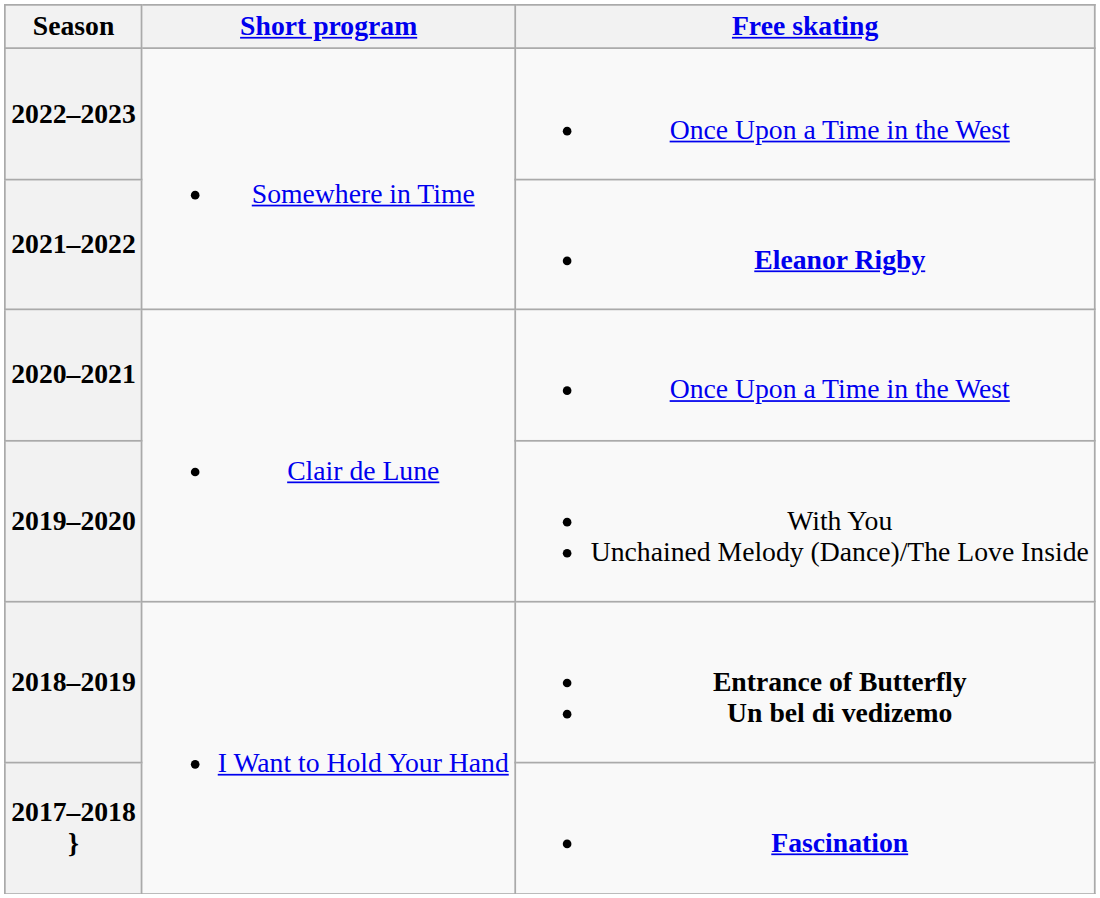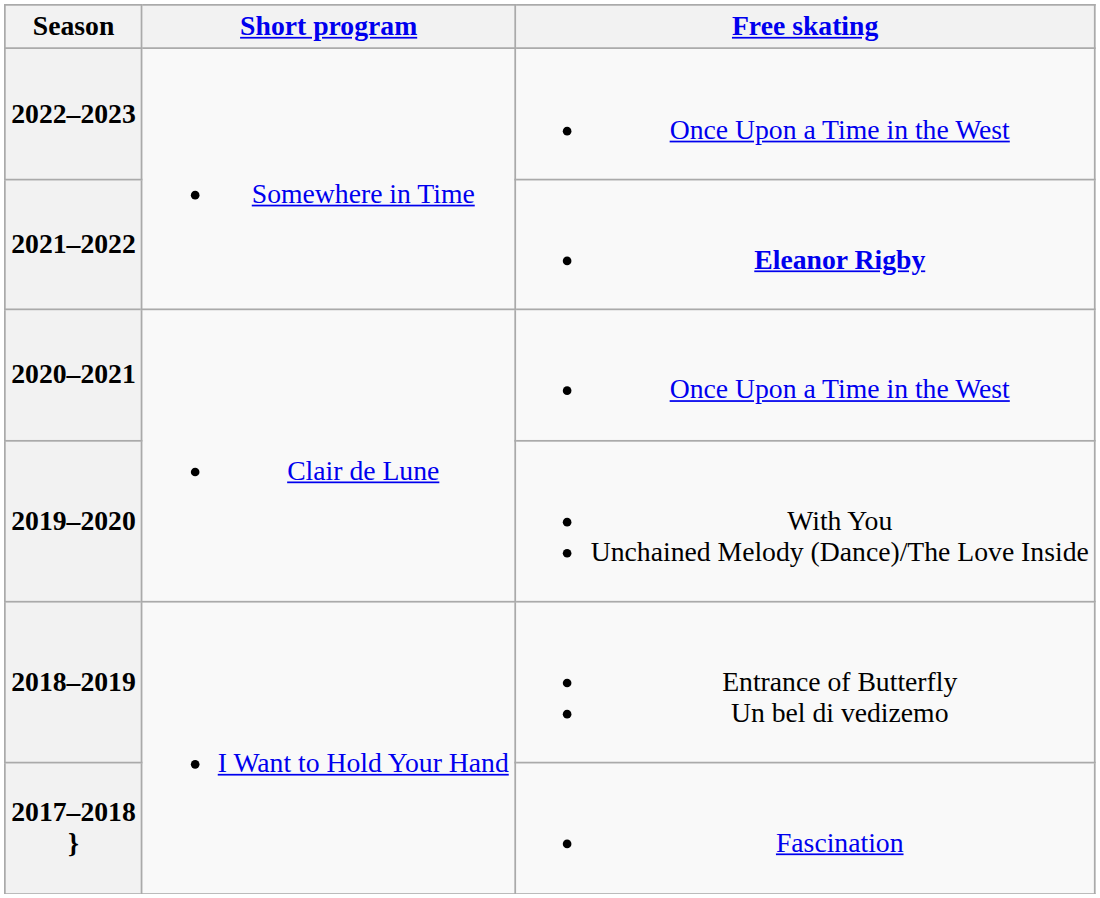 <table class=wikitable style=text-align:center>
 <tr>
 <th>Season</th>
 <th><a href='#'>Short program</a></th>
 <th><a href='#'>Free skating</a></th>
 </tr>
 <tr>
 <th>2022–2023<br></th>
 <td rowspan=2><br><ul><li><a href='#'>Somewhere in Time</a> <br></li></ul></td>
 <td><br><ul><li><a href='#'>Once Upon a Time in the West</a> <br></li></ul></td>
 </tr>
 <tr>
 <th>2021–2022<br></th>
 <td><strong><br><ul><li><a href='#'>Eleanor Rigby</a> <br></li></ul></strong></td>
 </tr>
 <tr>
 <th>2020–2021<br></th>
 <td rowspan=2><br><ul><li><a href='#'>Clair de Lune</a> <br></li></ul></td>
 <td><br><ul><li><a href='#'>Once Upon a Time in the West</a> <br></li></ul></td>
 </tr>
 <tr>
 <th>2019–2020<br></th>
 <td><br><ul><li>With You</li><li>Unchained Melody (Dance)/The Love Inside <br></li></ul></td>
 </tr>
 <tr>
 <th>2018–2019<br></th>
 <td rowspan=2><br><ul><li><a href='#'>I Want to Hold Your Hand</a> <br></li></ul></td>
-<td><strong><br><ul><li>Entrance of Butterfly</li><li>Un bel di vedizemo <br></li></ul></strong></td>
+<td><br><ul><li>Entrance of Butterfly</li><li>Un bel di vedizemo <br></li></ul></td>
 </tr>
 <tr>
 <th>2017–2018<br>}</th>
-<td><strong><br><ul><li><a href='#'>Fascination</a> <br></li></ul></strong></td>
+<td><br><ul><li><a href='#'>Fascination</a> <br></li></ul></td>
 </tr>
 </table>
